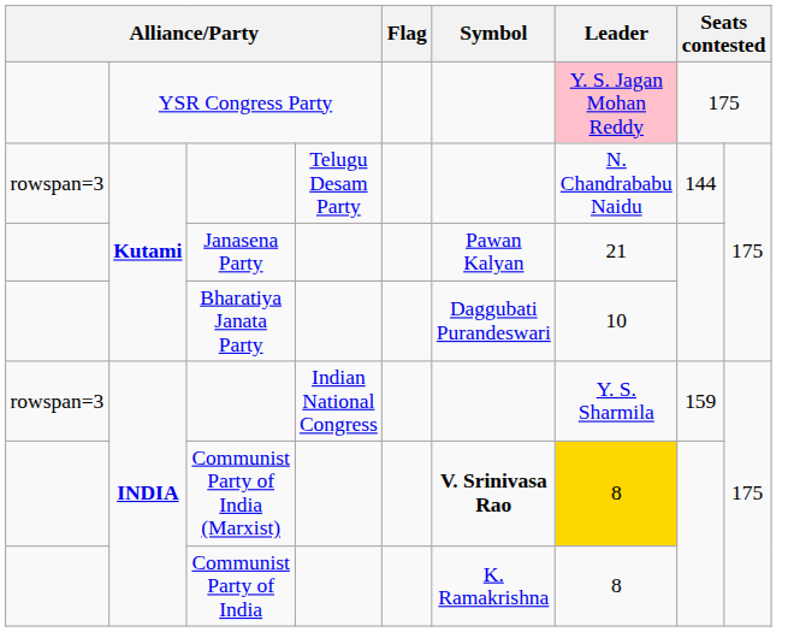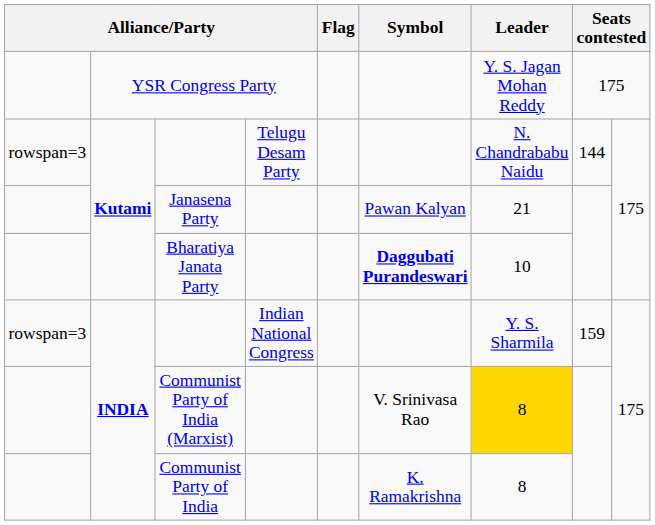 <table class="wikitable sortable" width="50%" style="text-align:center;">
 <tr>
 <th colspan="4">Alliance/Party</th>
 <th>Flag</th>
 <th>Symbol</th>
 <th>Leader</th>
 <th colspan="2">Seats contested</th>
 </tr>
 <tr>
 <td></td>
 <td colspan="3"><a href='#'>YSR Congress Party</a></td>
 <td></td>
 <td></td>
-<td style="background: pink;"><a href='#'>Y. S. Jagan Mohan Reddy</a></td>
+<td><a href='#'>Y. S. Jagan Mohan Reddy</a></td>
 <td colspan="2">175</td>
 </tr>
 <tr>
 <td>rowspan=3 </td>
 <td rowspan="3"><strong><a href='#'>Kutami</a></strong></td>
 <td></td>
 <td><a href='#'>Telugu Desam Party</a></td>
 <td></td>
 <td></td>
 <td><a href='#'>N. Chandrababu Naidu</a></td>
 <td>144</td>
 <td rowspan="3">175</td>
 </tr>
 <tr>
 <td></td>
 <td><a href='#'>Janasena Party</a></td>
 <td></td>
 <td></td>
 <td><a href='#'>Pawan Kalyan</a></td>
 <td>21</td>
 </tr>
 <tr>
 <td></td>
 <td><a href='#'>Bharatiya Janata Party</a></td>
 <td></td>
 <td></td>
-<td><a href='#'>Daggubati Purandeswari</a></td>
+<td><strong><a href='#'>Daggubati Purandeswari</a></strong></td>
 <td>10</td>
 </tr>
 <tr>
 <td>rowspan=3 </td>
 <td rowspan="3"><strong><a href='#'>INDIA</a></strong></td>
 <td></td>
 <td><a href='#'>Indian National Congress</a></td>
 <td></td>
 <td></td>
 <td><a href='#'>Y. S. Sharmila</a></td>
 <td>159</td>
 <td rowspan="3">175</td>
 </tr>
 <tr>
 <td></td>
 <td><a href='#'>Communist Party of India (Marxist)</a></td>
 <td></td>
 <td></td>
-<td><strong>V. Srinivasa Rao</strong></td>
+<td>V. Srinivasa Rao</td>
 <td style="background: gold;">8</td>
 </tr>
 <tr>
 <td></td>
 <td><a href='#'>Communist Party of India</a></td>
 <td></td>
 <td></td>
 <td><a href='#'>K. Ramakrishna</a></td>
 <td>8</td>
 </tr>
 </table>
